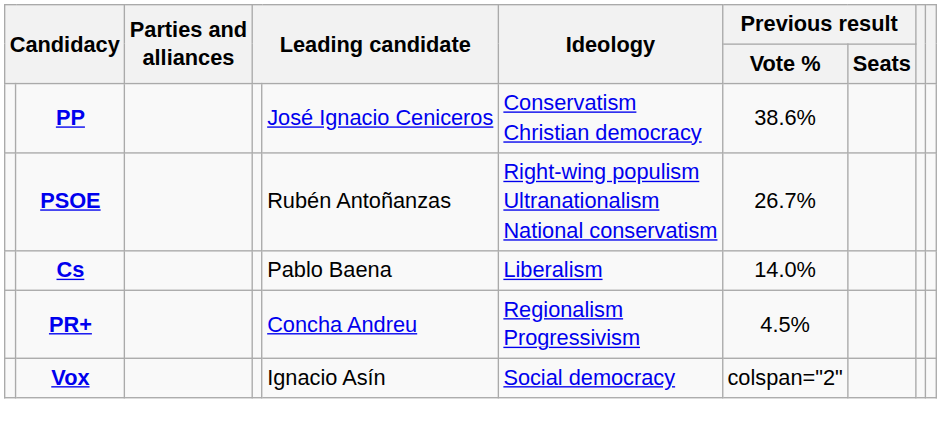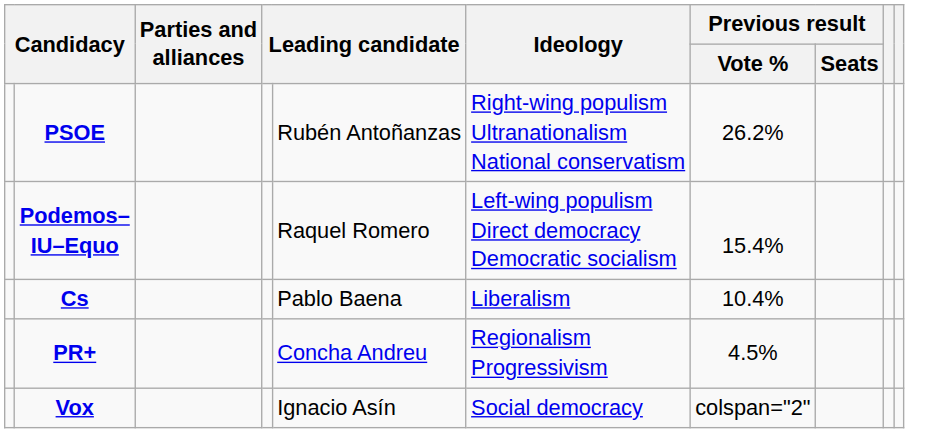 <table class="wikitable" style="line-height:1.35em; text-align:left;">
 <tr>
 <th colspan="2" rowspan="2">Candidacy</th>
 <th rowspan="2">Parties and<br>alliances</th>
 <th colspan="2" rowspan="2">Leading candidate</th>
 <th rowspan="2">Ideology</th>
 <th colspan="2">Previous result</th>
 <th rowspan="2"></th>
 <th rowspan="2"></th>
 </tr>
 <tr>
 <th>Vote %</th>
 <th>Seats</th>
 </tr>
 <tr>
-<td width="1" style="color:inherit;background:"></td>
-<td align="center"><strong><a href='#'>PP</a></strong></td>
+<td style="color:inherit;background:"></td>
+<td align="center"><strong><a href='#'>PSOE</a></strong></td>
 <td></td>
 <td></td>
-<td><a href='#'>José Ignacio Ceniceros</a></td>
-<td><a href='#'>Conservatism</a><br><a href='#'>Christian democracy</a></td>
-<td align="center">38.6%</td>
+<td>Rubén Antoñanzas</td>
+<td><a href='#'>Right-wing populism</a><br><a href='#'>Ultranationalism</a><br><a href='#'>National conservatism</a></td>
+<td align="center">26.2%</td>
 <td></td>
 <td></td>
 <td></td>
 </tr>
 <tr>
 <td style="color:inherit;background:"></td>
-<td align="center"><strong><a href='#'>PSOE</a></strong></td>
+<td align="center"><strong><a href='#'>Podemos–<br>IU–Equo</a></strong></td>
 <td></td>
 <td></td>
-<td>Rubén Antoñanzas</td>
-<td><a href='#'>Right-wing populism</a><br><a href='#'>Ultranationalism</a><br><a href='#'>National conservatism</a></td>
-<td align="center">26.7%</td>
+<td>Raquel Romero</td>
+<td><a href='#'>Left-wing populism</a><br><a href='#'>Direct democracy</a><br><a href='#'>Democratic socialism</a></td>
+<td align="center"><br>15.4%<br></td>
 <td></td>
 <td></td>
 <td></td>
 </tr>
 <tr>
 <td style="color:inherit;background:"></td>
 <td align="center"><strong><a href='#'>Cs</a></strong></td>
 <td></td>
 <td></td>
 <td>Pablo Baena</td>
 <td><a href='#'>Liberalism</a></td>
-<td align="center">14.0%</td>
+<td align="center">10.4%</td>
 <td></td>
 <td></td>
 <td></td>
 </tr>
 <tr>
 <td style="color:inherit;background:"></td>
 <td align="center"><strong><a href='#'>PR+</a></strong></td>
 <td></td>
 <td></td>
 <td><a href='#'>Concha Andreu</a></td>
 <td><a href='#'>Regionalism</a><br><a href='#'>Progressivism</a></td>
 <td align="center">4.5%</td>
 <td></td>
 <td></td>
 <td></td>
 </tr>
 <tr>
 <td style="color:inherit;background:"></td>
 <td align="center"><strong><a href='#'>Vox</a></strong></td>
 <td></td>
 <td></td>
 <td>Ignacio Asín</td>
 <td><a href='#'>Social democracy</a></td>
 <td>colspan="2" </td>
 <td></td>
 <td></td>
 </tr>
 </table>
